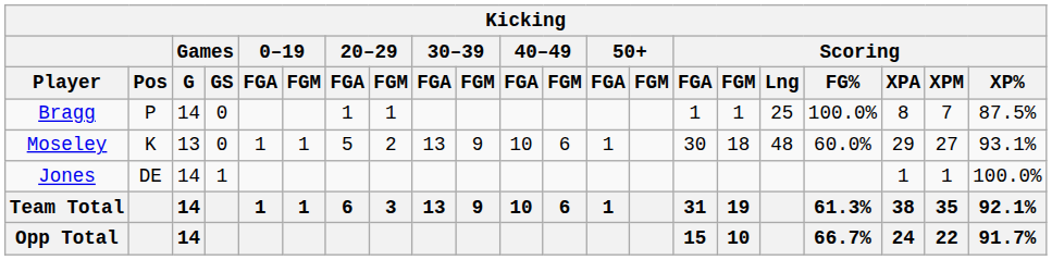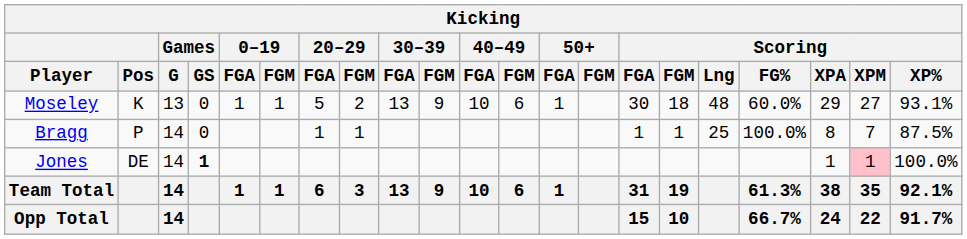 <table class="wikitable" style="text-align:center">
 <tr>
 <th colspan="21">Kicking</th>
 </tr>
 <tr>
 <th colspan="2"></th>
 <th colspan="2">Games</th>
 <th colspan="2">0–19</th>
 <th colspan="2">20–29</th>
 <th colspan="2">30–39</th>
 <th colspan="2">40–49</th>
 <th colspan="2">50+</th>
 <th colspan="7">Scoring</th>
 </tr>
 <tr>
 <th>Player</th>
 <th>Pos</th>
 <th>G</th>
 <th>GS</th>
 <th>FGA</th>
 <th>FGM</th>
 <th>FGA</th>
 <th>FGM</th>
 <th>FGA</th>
 <th>FGM</th>
 <th>FGA</th>
 <th>FGM</th>
 <th>FGA</th>
 <th>FGM</th>
 <th>FGA</th>
 <th>FGM</th>
 <th>Lng</th>
 <th>FG%</th>
 <th>XPA</th>
 <th>XPM</th>
 <th>XP%</th>
 </tr>
 <tr>
+<td><a href='#'>Moseley</a></td>
+<td>K</td>
+<td>13</td>
+<td>0</td>
+<td>1</td>
+<td>1</td>
+<td>5</td>
+<td>2</td>
+<td>13</td>
+<td>9</td>
+<td>10</td>
+<td>6</td>
+<td>1</td>
+<td></td>
+<td>30</td>
+<td>18</td>
+<td>48</td>
+<td>60.0%</td>
+<td>29</td>
+<td>27</td>
+<td>93.1%</td>
+</tr>
+<tr>
 <td><a href='#'>Bragg</a></td>
 <td>P</td>
 <td>14</td>
 <td>0</td>
 <td></td>
 <td></td>
 <td>1</td>
 <td>1</td>
 <td></td>
 <td></td>
 <td></td>
 <td></td>
 <td></td>
 <td></td>
 <td>1</td>
 <td>1</td>
 <td>25</td>
 <td>100.0%</td>
 <td>8</td>
 <td>7</td>
 <td>87.5%</td>
 </tr>
 <tr>
-<td><a href='#'>Moseley</a></td>
-<td>K</td>
-<td>13</td>
-<td>0</td>
-<td>1</td>
-<td>1</td>
-<td>5</td>
-<td>2</td>
-<td>13</td>
-<td>9</td>
-<td>10</td>
-<td>6</td>
-<td>1</td>
-<td></td>
-<td>30</td>
-<td>18</td>
-<td>48</td>
-<td>60.0%</td>
-<td>29</td>
-<td>27</td>
-<td>93.1%</td>
-</tr>
-<tr>
 <td><a href='#'>Jones</a></td>
 <td>DE</td>
 <td>14</td>
-<td>1</td>
+<td><strong>1</strong></td>
 <td></td>
 <td></td>
 <td></td>
 <td></td>
 <td></td>
 <td></td>
 <td></td>
 <td></td>
 <td></td>
 <td></td>
 <td></td>
 <td></td>
 <td></td>
 <td></td>
 <td>1</td>
-<td>1</td>
+<td style="background: pink;">1</td>
 <td>100.0%</td>
 </tr>
 <tr>
 <th>Team Total</th>
 <th></th>
 <th>14</th>
 <th></th>
 <th>1</th>
 <th>1</th>
 <th>6</th>
 <th>3</th>
 <th>13</th>
 <th>9</th>
 <th>10</th>
 <th>6</th>
 <th>1</th>
 <th></th>
 <th>31</th>
 <th>19</th>
 <th></th>
 <th>61.3%</th>
 <th>38</th>
 <th>35</th>
 <th>92.1%</th>
 </tr>
 <tr>
 <th>Opp Total</th>
 <th></th>
 <th>14</th>
 <th></th>
 <th></th>
 <th></th>
 <th></th>
 <th></th>
 <th></th>
 <th></th>
 <th></th>
 <th></th>
 <th></th>
 <th></th>
 <th>15</th>
 <th>10</th>
 <th></th>
 <th>66.7%</th>
 <th>24</th>
 <th>22</th>
 <th>91.7%</th>
 </tr>
 </table>
